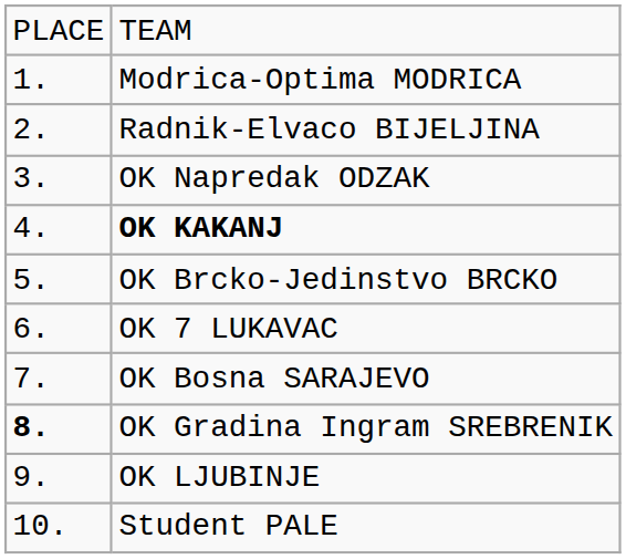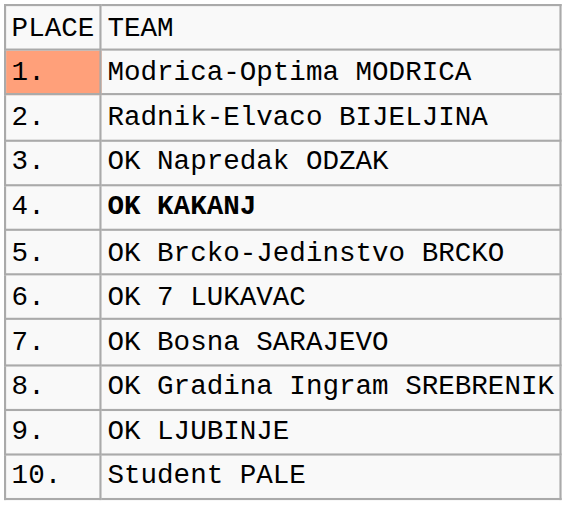 <table class="wikitable">
 <tr>
 <td>PLACE</td>
 <td>TEAM</td>
 </tr>
 <tr>
-<td>1.</td>
+<td style="background: lightsalmon;">1.</td>
 <td>Modrica-Optima MODRICA</td>
 </tr>
 <tr>
 <td>2.</td>
 <td>Radnik-Elvaco BIJELJINA</td>
 </tr>
 <tr>
 <td>3.</td>
 <td>OK Napredak ODZAK</td>
 </tr>
 <tr>
 <td>4.</td>
 <td><strong>OK KAKANJ</strong></td>
 </tr>
 <tr>
 <td>5.</td>
 <td>OK Brcko-Jedinstvo BRCKO</td>
 </tr>
 <tr>
 <td>6.</td>
 <td>OK 7 LUKAVAC</td>
 </tr>
 <tr>
 <td>7.</td>
 <td>OK Bosna SARAJEVO</td>
 </tr>
 <tr>
-<td><strong>8.</strong></td>
+<td>8.</td>
 <td>OK Gradina Ingram SREBRENIK</td>
 </tr>
 <tr>
 <td>9.</td>
 <td>OK LJUBINJE</td>
 </tr>
 <tr>
 <td>10.</td>
 <td>Student PALE</td>
 </tr>
 </table>
